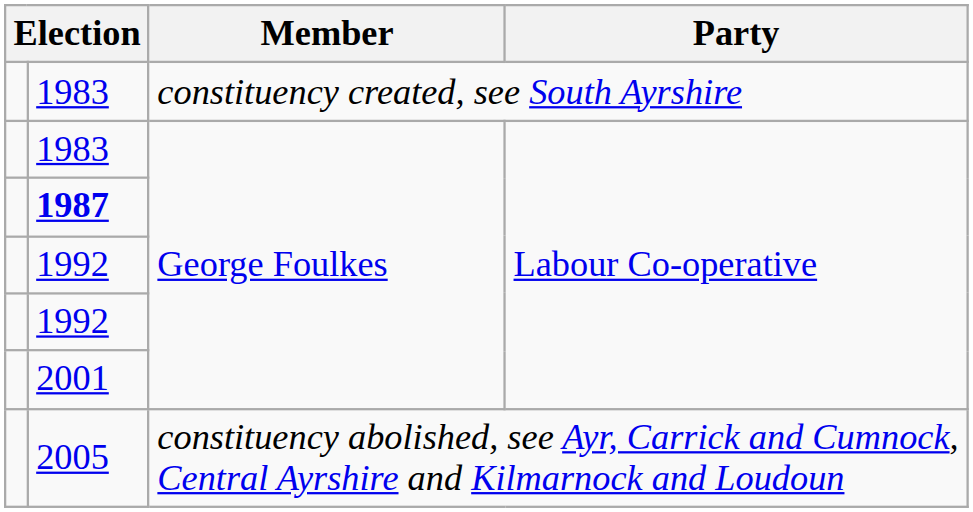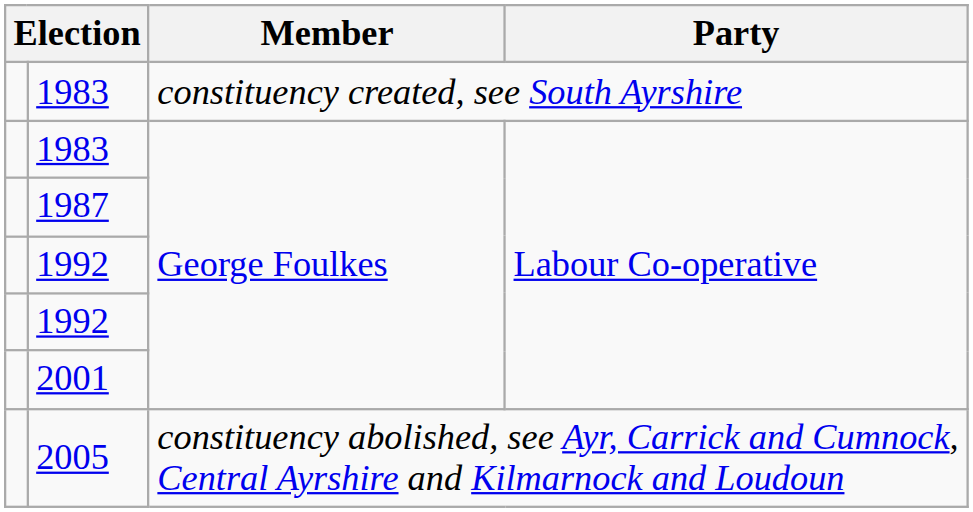 <table class="wikitable">
 <tr>
 <th colspan="2">Election</th>
 <th>Member </th>
 <th>Party</th>
 </tr>
 <tr>
 <td></td>
 <td><a href='#'>1983</a></td>
 <td colspan="3"><em>constituency created, see <a href='#'>South Ayrshire</a></em></td>
 </tr>
 <tr>
 <td style="color:inherit;background: "></td>
 <td><a href='#'>1983</a></td>
 <td rowspan="5"><a href='#'>George Foulkes</a></td>
 <td rowspan="5"><a href='#'>Labour Co-operative</a></td>
 </tr>
 <tr>
 <td style="color:inherit;background: "></td>
-<td><strong><a href='#'>1987</a></strong></td>
+<td><a href='#'>1987</a></td>
 </tr>
 <tr>
 <td style="color:inherit;background: "></td>
 <td><a href='#'>1992</a></td>
 </tr>
 <tr>
 <td style="color:inherit;background: "></td>
 <td><a href='#'>1992</a></td>
 </tr>
 <tr>
 <td style="color:inherit;background: "></td>
 <td><a href='#'>2001</a></td>
 </tr>
 <tr>
 <td></td>
 <td><a href='#'>2005</a></td>
 <td colspan="2"><em>constituency abolished, see <a href='#'>Ayr, Carrick and Cumnock</a>,<br><a href='#'>Central Ayrshire</a> and <a href='#'>Kilmarnock and Loudoun</a></em></td>
 </tr>
 </table>
